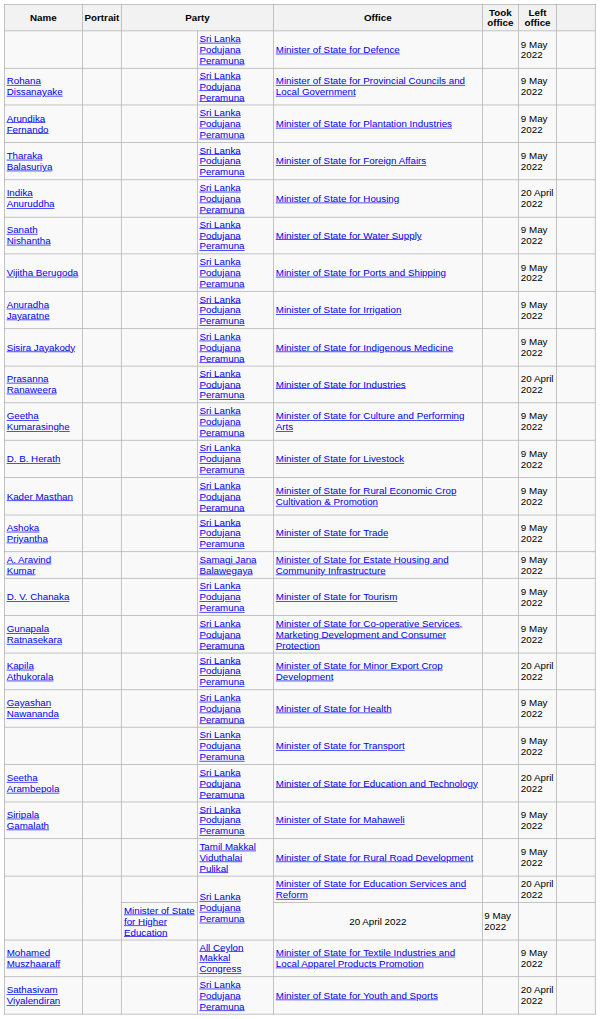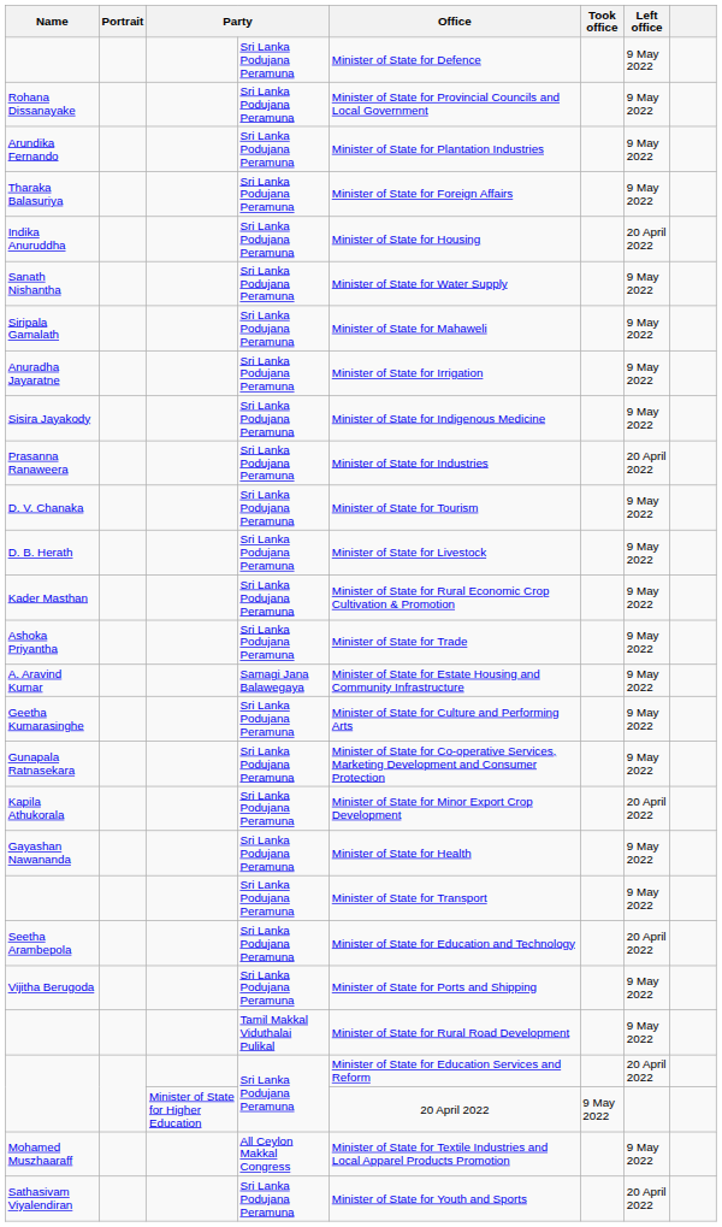 <table class="wikitable plainrowheaders sortable" style="font-size:90%; text-align:left;">
 <tr>
 <th scope="col">Name</th>
 <th scope="col" class="unsortable">Portrait</th>
 <th colspan="2" scope="col">Party</th>
 <th scope="col" width="300px">Office</th>
 <th scope="col">Took office</th>
 <th scope="col">Left office</th>
 <th scope="col" width="50px" class="unsortable"></th>
 </tr>
 <tr>
 <td></td>
 <td align="center"></td>
 <td style="background:"></td>
 <td><a href='#'>Sri Lanka Podujana Peramuna</a></td>
 <td><a href='#'>Minister of State for Defence</a></td>
 <td align="center"></td>
 <td>9 May 2022</td>
 <td align="center"></td>
 </tr>
 <tr>
 <td><a href='#'>Rohana Dissanayake</a></td>
 <td align="center"></td>
 <td style="background:"></td>
 <td><a href='#'>Sri Lanka Podujana Peramuna</a></td>
 <td><a href='#'>Minister of State for Provincial Councils and Local Government</a></td>
 <td align="center"></td>
 <td>9 May 2022</td>
 <td align="center"></td>
 </tr>
 <tr>
 <td><a href='#'>Arundika Fernando</a></td>
 <td align="center"></td>
 <td style="background:"></td>
 <td><a href='#'>Sri Lanka Podujana Peramuna</a></td>
 <td><a href='#'>Minister of State for Plantation Industries</a></td>
 <td align="center"></td>
 <td>9 May 2022</td>
 <td align="center"></td>
 </tr>
 <tr>
 <td><a href='#'>Tharaka Balasuriya</a></td>
 <td align="center"></td>
 <td style="background:"></td>
 <td><a href='#'>Sri Lanka Podujana Peramuna</a></td>
 <td><a href='#'>Minister of State for Foreign Affairs</a></td>
 <td align="center"></td>
 <td>9 May 2022</td>
 <td align="center"></td>
 </tr>
 <tr>
 <td><a href='#'>Indika Anuruddha</a></td>
 <td align="center"></td>
 <td style="background:"></td>
 <td><a href='#'>Sri Lanka Podujana Peramuna</a></td>
 <td><a href='#'>Minister of State for Housing</a></td>
 <td align="center"></td>
 <td>20 April 2022</td>
 <td align="center"></td>
 </tr>
 <tr>
 <td><a href='#'>Sanath Nishantha</a></td>
 <td align="center"></td>
 <td style="background:"></td>
 <td><a href='#'>Sri Lanka Podujana Peramuna</a></td>
 <td><a href='#'>Minister of State for Water Supply</a></td>
 <td align="center"></td>
 <td>9 May 2022</td>
 <td align="center"></td>
 </tr>
 <tr>
-<td><a href='#'>Vijitha Berugoda</a></td>
+<td><a href='#'>Siripala Gamalath</a></td>
 <td align="center"></td>
 <td style="background:"></td>
 <td><a href='#'>Sri Lanka Podujana Peramuna</a></td>
-<td><a href='#'>Minister of State for Ports and Shipping</a></td>
+<td><a href='#'>Minister of State for Mahaweli</a></td>
 <td align="center"></td>
 <td>9 May 2022</td>
 <td align="center"></td>
 </tr>
 <tr>
 <td><a href='#'>Anuradha Jayaratne</a></td>
 <td align="center"></td>
 <td style="background:"></td>
 <td><a href='#'>Sri Lanka Podujana Peramuna</a></td>
 <td><a href='#'>Minister of State for Irrigation</a></td>
 <td align="center"></td>
 <td>9 May 2022</td>
 <td align="center"></td>
 </tr>
 <tr>
 <td><a href='#'>Sisira Jayakody</a></td>
 <td align="center"></td>
 <td style="background:"></td>
 <td><a href='#'>Sri Lanka Podujana Peramuna</a></td>
 <td><a href='#'>Minister of State for Indigenous Medicine</a></td>
 <td align="center"></td>
 <td>9 May 2022</td>
 <td align="center"></td>
 </tr>
 <tr>
 <td><a href='#'>Prasanna Ranaweera</a></td>
 <td align="center"></td>
 <td style="background:"></td>
 <td><a href='#'>Sri Lanka Podujana Peramuna</a></td>
 <td><a href='#'>Minister of State for Industries</a></td>
 <td align="center"></td>
 <td>20 April 2022</td>
 <td align="center"></td>
 </tr>
 <tr>
-<td><a href='#'>Geetha Kumarasinghe</a></td>
+<td><a href='#'>D. V. Chanaka</a></td>
 <td align="center"></td>
 <td style="background:"></td>
 <td><a href='#'>Sri Lanka Podujana Peramuna</a></td>
-<td><a href='#'>Minister of State for Culture and Performing Arts</a></td>
+<td><a href='#'>Minister of State for Tourism</a></td>
 <td align="center"></td>
 <td>9 May 2022</td>
 <td align="center"></td>
 </tr>
 <tr>
 <td><a href='#'>D. B. Herath</a></td>
 <td align="center"></td>
 <td style="background:"></td>
 <td><a href='#'>Sri Lanka Podujana Peramuna</a></td>
 <td><a href='#'>Minister of State for Livestock</a></td>
 <td align="center"></td>
 <td>9 May 2022</td>
 <td align="center"></td>
 </tr>
 <tr>
 <td><a href='#'>Kader Masthan</a></td>
 <td align="center"></td>
 <td style="background:"></td>
 <td><a href='#'>Sri Lanka Podujana Peramuna</a></td>
 <td><a href='#'>Minister of State for Rural Economic Crop Cultivation & Promotion</a></td>
 <td align="center"></td>
 <td>9 May 2022</td>
 <td align="center"></td>
 </tr>
 <tr>
 <td><a href='#'>Ashoka Priyantha</a></td>
 <td align="center"></td>
 <td style="background:"></td>
 <td><a href='#'>Sri Lanka Podujana Peramuna</a></td>
 <td><a href='#'>Minister of State for Trade</a></td>
 <td align="center"></td>
 <td>9 May 2022</td>
 <td align="center"></td>
 </tr>
 <tr>
 <td><a href='#'>A. Aravind Kumar</a></td>
 <td align="center"></td>
 <td style="background:"></td>
 <td><a href='#'>Samagi Jana Balawegaya</a></td>
 <td><a href='#'>Minister of State for Estate Housing and Community Infrastructure</a></td>
 <td align="center"></td>
 <td>9 May 2022</td>
 <td align="center"></td>
 </tr>
 <tr>
-<td><a href='#'>D. V. Chanaka</a></td>
+<td><a href='#'>Geetha Kumarasinghe</a></td>
 <td align="center"></td>
 <td style="background:"></td>
 <td><a href='#'>Sri Lanka Podujana Peramuna</a></td>
-<td><a href='#'>Minister of State for Tourism</a></td>
+<td><a href='#'>Minister of State for Culture and Performing Arts</a></td>
 <td align="center"></td>
 <td>9 May 2022</td>
 <td align="center"></td>
 </tr>
 <tr>
 <td><a href='#'>Gunapala Ratnasekara</a></td>
 <td align="center"></td>
 <td style="background:"></td>
 <td><a href='#'>Sri Lanka Podujana Peramuna</a></td>
 <td><a href='#'>Minister of State for Co-operative Services, Marketing Development and Consumer Protection</a></td>
 <td align="center"></td>
 <td>9 May 2022</td>
 <td align="center"></td>
 </tr>
 <tr>
 <td><a href='#'>Kapila Athukorala</a></td>
 <td align="center"></td>
 <td style="background:"></td>
 <td><a href='#'>Sri Lanka Podujana Peramuna</a></td>
 <td><a href='#'>Minister of State for Minor Export Crop Development</a></td>
 <td align="center"></td>
 <td>20 April 2022</td>
 <td align="center"></td>
 </tr>
 <tr>
 <td><a href='#'>Gayashan Nawananda</a></td>
 <td align="center"></td>
 <td style="background:"></td>
 <td><a href='#'>Sri Lanka Podujana Peramuna</a></td>
 <td><a href='#'>Minister of State for Health</a></td>
 <td align="center"></td>
 <td>9 May 2022</td>
 <td align="center"></td>
 </tr>
 <tr>
 <td></td>
 <td align="center"></td>
 <td style="background:"></td>
 <td><a href='#'>Sri Lanka Podujana Peramuna</a></td>
 <td><a href='#'>Minister of State for Transport</a></td>
 <td align="center"></td>
 <td>9 May 2022</td>
 <td align="center"></td>
 </tr>
 <tr>
 <td><a href='#'>Seetha Arambepola</a></td>
 <td align="center"></td>
 <td style="background:"></td>
 <td><a href='#'>Sri Lanka Podujana Peramuna</a></td>
 <td><a href='#'>Minister of State for Education and Technology</a></td>
 <td align="center"></td>
 <td>20 April 2022</td>
 <td align="center"></td>
 </tr>
 <tr>
-<td><a href='#'>Siripala Gamalath</a></td>
+<td><a href='#'>Vijitha Berugoda</a></td>
 <td align="center"></td>
 <td style="background:"></td>
 <td><a href='#'>Sri Lanka Podujana Peramuna</a></td>
-<td><a href='#'>Minister of State for Mahaweli</a></td>
+<td><a href='#'>Minister of State for Ports and Shipping</a></td>
 <td align="center"></td>
 <td>9 May 2022</td>
 <td align="center"></td>
 </tr>
 <tr>
 <td></td>
 <td align="center"></td>
 <td style="background:"></td>
 <td><a href='#'>Tamil Makkal Viduthalai Pulikal</a></td>
 <td><a href='#'>Minister of State for Rural Road Development</a></td>
 <td align="center"></td>
 <td>9 May 2022</td>
 <td align="center"></td>
 </tr>
 <tr>
 <td rowspan="2"></td>
 <td rowspan="2" align="center"></td>
 <td style="background:"></td>
 <td rowspan="2"><a href='#'>Sri Lanka Podujana Peramuna</a></td>
 <td><a href='#'>Minister of State for Education Services and Reform</a></td>
 <td align="center"></td>
 <td>20 April 2022</td>
 <td align="center"></td>
 </tr>
 <tr>
 <td><a href='#'>Minister of State for Higher Education</a></td>
 <td align="center">20 April 2022</td>
 <td>9 May 2022</td>
 <td align="center"></td>
 </tr>
 <tr>
 <td><a href='#'>Mohamed Muszhaaraff</a></td>
 <td align="center"></td>
 <td style="background:"></td>
 <td><a href='#'>All Ceylon Makkal Congress</a></td>
 <td><a href='#'>Minister of State for Textile Industries and Local Apparel Products Promotion</a></td>
 <td align="center"></td>
 <td>9 May 2022</td>
 <td align="center"></td>
 </tr>
 <tr>
 <td><a href='#'>Sathasivam Viyalendiran</a></td>
 <td></td>
 <td style="background:"></td>
 <td><a href='#'>Sri Lanka Podujana Peramuna</a></td>
 <td><a href='#'>Minister of State for Youth and Sports</a></td>
 <td align="center"></td>
 <td>20 April 2022</td>
 <td align="center"></td>
 </tr>
 </table>
